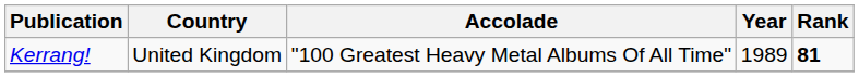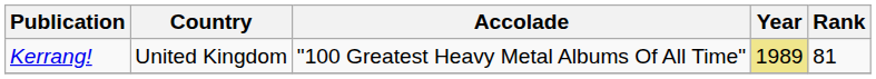 <table class="wikitable sortable">
 <tr>
 <th>Publication</th>
 <th>Country</th>
 <th>Accolade</th>
 <th>Year</th>
 <th style="text-align:center;">Rank</th>
 </tr>
 <tr>
 <td><em><a href='#'>Kerrang!</a></em></td>
 <td>United Kingdom</td>
 <td>"100 Greatest Heavy Metal Albums Of All Time"</td>
-<td>1989</td>
-<td><strong>81</strong></td>
+<td style="background: khaki;">1989</td>
+<td>81</td>
 </tr>
 <tr>
 </tr>
 </table>
